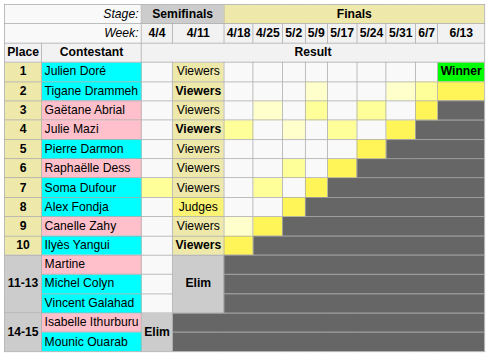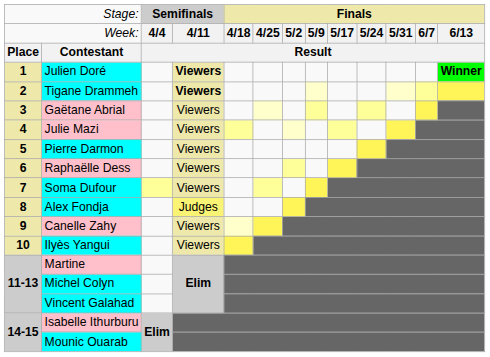 <table class="wikitable">
 <tr>
 <td colspan="2" align="right"><em>Stage:</em></td>
 <td colspan="2" bgcolor="#CCCCCC" align="center"><strong>Semifinals</strong></td>
 <td colspan="9" bgcolor="palegoldenrod" align="Center"><strong>Finals</strong></td>
 </tr>
 <tr>
 <td colspan="2" align="right"><em>Week:</em></td>
 <th>4/4</th>
 <th>4/11</th>
 <th>4/18</th>
 <th>4/25</th>
 <th>5/2</th>
 <th>5/9</th>
 <th>5/17</th>
 <th>5/24</th>
 <th>5/31</th>
 <th>6/7</th>
 <th>6/13</th>
 </tr>
 <tr>
 <th>Place</th>
 <th>Contestant</th>
 <th colspan="12" align="center">Result</th>
 </tr>
 <tr>
 <td align="center"  bgcolor="palegoldenrod"><strong>1</strong></td>
 <td bgcolor="cyan">Julien Doré</td>
 <td></td>
-<td bgcolor="palegoldenrod" align="center">Viewers</td>
+<td bgcolor="palegoldenrod" align="center"><strong>Viewers</strong></td>
 <td></td>
 <td></td>
 <td></td>
 <td></td>
 <td></td>
 <td></td>
 <td></td>
 <td></td>
 <td bgcolor="lime" align="center"><strong>Winner</strong></td>
 </tr>
 <tr>
 <td align="center"  bgcolor="palegoldenrod"><strong>2</strong></td>
 <td bgcolor="cyan">Tigane Drammeh</td>
 <td></td>
 <td bgcolor="palegoldenrod" align="center"><strong>Viewers</strong></td>
 <td></td>
 <td></td>
 <td></td>
 <td bgcolor="#FFFFCC" align="center"></td>
 <td></td>
 <td></td>
 <td bgcolor="#FFFFCC" align="center"></td>
 <td bgcolor="#FFFF99" align="center"></td>
 <td bgcolor="#FFF558" align="center"></td>
 </tr>
 <tr>
 <td align="center"  bgcolor="palegoldenrod"><strong>3</strong></td>
 <td bgcolor="pink">Gaëtane Abrial</td>
 <td></td>
 <td bgcolor="palegoldenrod" align="center">Viewers</td>
 <td></td>
 <td bgcolor="#FFFFCC" align="center"></td>
 <td></td>
 <td bgcolor="#FFFF99" align="center"></td>
 <td></td>
 <td bgcolor="#FFFF99" align="center"></td>
 <td></td>
 <td bgcolor="#FFF558" align="center"></td>
 <td bgcolor="666666"></td>
 </tr>
 <tr>
 <td align="center"  bgcolor="palegoldenrod"><strong>4</strong></td>
 <td bgcolor="pink">Julie Mazi</td>
 <td></td>
-<td bgcolor="palegoldenrod" align="center"><strong>Viewers</strong></td>
+<td bgcolor="palegoldenrod" align="center">Viewers</td>
 <td bgcolor="#FFFF99" align="center"></td>
 <td></td>
 <td bgcolor="#FFFFCC" align="center"></td>
 <td></td>
 <td bgcolor="#FFFF99" align="center"></td>
 <td></td>
 <td bgcolor="#FFF558" align="center"></td>
 <td colspan="2" bgcolor="666666"></td>
 </tr>
 <tr>
 <td align="center"  bgcolor="palegoldenrod"><strong>5</strong></td>
 <td bgcolor="cyan">Pierre Darmon</td>
 <td></td>
 <td bgcolor="palegoldenrod" align="center">Viewers</td>
 <td></td>
 <td></td>
 <td></td>
 <td></td>
 <td></td>
 <td bgcolor="#FFF558" align="center"></td>
 <td colspan="3" bgcolor="666666"></td>
 </tr>
 <tr>
 <td align="center"  bgcolor="palegoldenrod"><strong>6</strong></td>
 <td bgcolor="pink">Raphaëlle Dess</td>
 <td></td>
 <td bgcolor="palegoldenrod" align="center">Viewers</td>
 <td></td>
 <td></td>
 <td bgcolor="#FFFF99" align="center"></td>
 <td></td>
 <td bgcolor="#FFF558" align="center"></td>
 <td colspan="4" bgcolor="666666"></td>
 </tr>
 <tr>
 <td align="center"  bgcolor="palegoldenrod"><strong>7</strong></td>
 <td bgcolor="cyan">Soma Dufour</td>
 <td bgcolor="#FFFF99" align="center"></td>
 <td bgcolor="palegoldenrod" align="center">Viewers</td>
 <td></td>
 <td bgcolor="#FFFF99" align="center"></td>
 <td></td>
 <td bgcolor="#FFF558" align="center"></td>
 <td colspan="5" bgcolor="666666"></td>
 </tr>
 <tr>
 <td align="center"  bgcolor="palegoldenrod"><strong>8</strong></td>
 <td bgcolor="cyan">Alex Fondja</td>
 <td></td>
 <td bgcolor="#FBF373" align="center">Judges</td>
 <td></td>
 <td></td>
 <td bgcolor="#FFF558" align="center"></td>
 <td colspan="6" bgcolor="666666"></td>
 </tr>
 <tr>
 <td align="center"  bgcolor="palegoldenrod"><strong>9</strong></td>
 <td bgcolor="pink">Canelle Zahy</td>
 <td></td>
 <td bgcolor="palegoldenrod" align="center">Viewers</td>
 <td bgcolor="#FFFFCC" align="center"></td>
 <td bgcolor="#FFF558" align="center"></td>
 <td colspan="7" bgcolor="666666"></td>
 </tr>
 <tr>
 <td align="center" bgcolor="palegoldenrod"><strong>10</strong></td>
 <td bgcolor="cyan">Ilyès Yangui</td>
 <td></td>
-<td bgcolor="palegoldenrod" align="center"><strong>Viewers</strong></td>
+<td bgcolor="palegoldenrod" align="center">Viewers</td>
 <td bgcolor="#FFF558" align="center"></td>
 <td colspan="8" bgcolor="666666"></td>
 </tr>
 <tr>
 <td align="center" bgcolor="CCCCCC" rowspan="3"><strong>11-13</strong></td>
 <td bgcolor="pink">Martine</td>
 <td></td>
 <td bgcolor="#CCCCCC" align="center" rowspan="3"><strong>Elim</strong></td>
 <td colspan="9" bgcolor="666666"></td>
 </tr>
 <tr>
 <td bgcolor="cyan">Michel Colyn</td>
 <td></td>
 <td colspan="9" bgcolor="666666"></td>
 </tr>
 <tr>
 <td bgcolor="cyan">Vincent Galahad</td>
 <td></td>
 <td colspan="9" bgcolor="666666"></td>
 </tr>
 <tr>
 <td align="center" bgcolor="CCCCCC" rowspan="3"><strong>14-15</strong></td>
 <td bgcolor="pink">Isabelle Ithurburu</td>
 <td bgcolor="#CCCCCC" align="center" rowspan="2"><strong>Elim</strong></td>
 <td colspan="10" bgcolor="666666"></td>
 </tr>
 <tr>
 <td bgcolor="cyan">Mounic Ouarab</td>
 <td colspan="10" bgcolor="666666"></td>
 </tr>
 </table>
